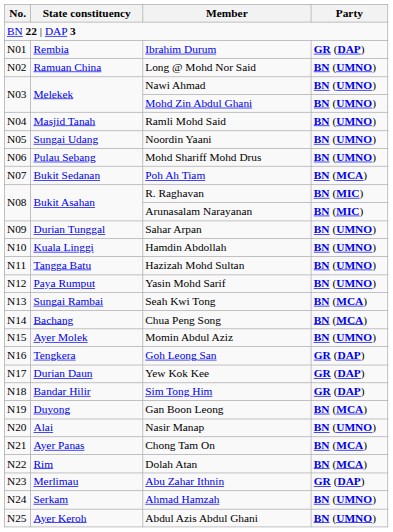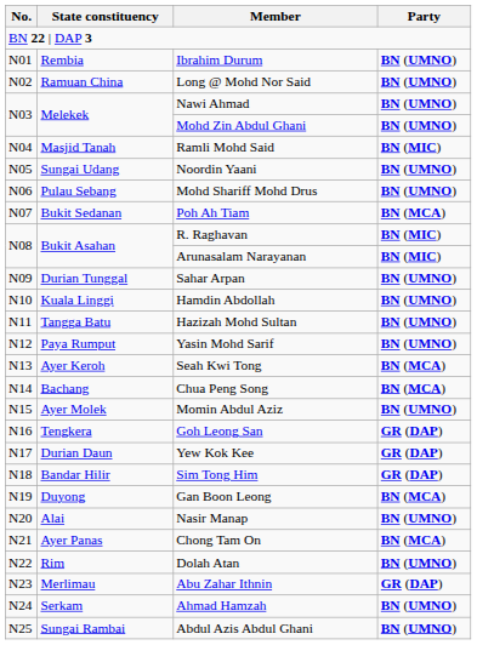 <table class="wikitable sortable">
 <tr>
 <th style="width:30px;">No.</th>
 <th style="width:150px;">State constituency</th>
 <th style="width:230px;">Member</th>
 <th style="width:100px;">Party</th>
 </tr>
 <tr>
 <td colspan="4"><a href='#'>BN</a> <strong>22</strong> | <a href='#'>DAP</a> <strong>3</strong></td>
 </tr>
 <tr>
 <td>N01</td>
 <td><a href='#'>Rembia</a></td>
 <td><a href='#'>Ibrahim Durum</a></td>
-<td><strong><a href='#'>GR</a></strong> (<strong><a href='#'>DAP</a></strong>)</td>
+<td><strong><a href='#'>BN</a></strong> (<strong><a href='#'>UMNO</a></strong>)</td>
 </tr>
 <tr>
 <td>N02</td>
 <td><a href='#'>Ramuan China</a></td>
 <td>Long @ Mohd Nor Said</td>
 <td><strong><a href='#'>BN</a></strong> (<strong><a href='#'>UMNO</a></strong>)</td>
 </tr>
 <tr>
 <td rowspan=2>N03</td>
 <td rowspan=2><a href='#'>Melekek</a></td>
 <td>Nawi Ahmad </td>
 <td><strong><a href='#'>BN</a></strong> (<strong><a href='#'>UMNO</a></strong>)</td>
 </tr>
 <tr>
 <td><a href='#'>Mohd Zin Abdul Ghani</a> </td>
 <td><strong><a href='#'>BN</a></strong> (<strong><a href='#'>UMNO</a></strong>)</td>
 </tr>
 <tr>
 <td>N04</td>
 <td><a href='#'>Masjid Tanah</a></td>
 <td>Ramli Mohd Said</td>
-<td><strong><a href='#'>BN</a></strong> (<strong><a href='#'>UMNO</a></strong>)</td>
+<td><strong><a href='#'>BN</a></strong> (<strong><a href='#'>MIC</a></strong>)</td>
 </tr>
 <tr>
 <td>N05</td>
 <td><a href='#'>Sungai Udang</a></td>
 <td>Noordin Yaani</td>
 <td><strong><a href='#'>BN</a></strong> (<strong><a href='#'>UMNO</a></strong>)</td>
 </tr>
 <tr>
 <td>N06</td>
 <td><a href='#'>Pulau Sebang</a></td>
 <td>Mohd Shariff Mohd Drus</td>
 <td><strong><a href='#'>BN</a></strong> (<strong><a href='#'>UMNO</a></strong>)</td>
 </tr>
 <tr>
 <td>N07</td>
 <td><a href='#'>Bukit Sedanan</a></td>
 <td><a href='#'>Poh Ah Tiam</a></td>
 <td><strong><a href='#'>BN</a></strong> (<strong><a href='#'>MCA</a></strong>)</td>
 </tr>
 <tr>
 <td rowspan=2>N08</td>
 <td rowspan=2><a href='#'>Bukit Asahan</a></td>
 <td>R. Raghavan </td>
 <td><strong><a href='#'>BN</a></strong> (<strong><a href='#'>MIC</a></strong>)</td>
 </tr>
 <tr>
 <td>Arunasalam Narayanan </td>
 <td><strong><a href='#'>BN</a></strong> (<strong><a href='#'>MIC</a></strong>)</td>
 </tr>
 <tr>
 <td>N09</td>
 <td><a href='#'>Durian Tunggal</a></td>
 <td>Sahar Arpan</td>
 <td><strong><a href='#'>BN</a></strong> (<strong><a href='#'>UMNO</a></strong>)</td>
 </tr>
 <tr>
 <td>N10</td>
 <td><a href='#'>Kuala Linggi</a></td>
 <td>Hamdin Abdollah</td>
 <td><strong><a href='#'>BN</a></strong> (<strong><a href='#'>UMNO</a></strong>)</td>
 </tr>
 <tr>
 <td>N11</td>
 <td><a href='#'>Tangga Batu</a></td>
 <td>Hazizah Mohd Sultan</td>
 <td><strong><a href='#'>BN</a></strong> (<strong><a href='#'>UMNO</a></strong>)</td>
 </tr>
 <tr>
 <td>N12</td>
 <td><a href='#'>Paya Rumput</a></td>
 <td>Yasin Mohd Sarif</td>
 <td><strong><a href='#'>BN</a></strong> (<strong><a href='#'>UMNO</a></strong>)</td>
 </tr>
 <tr>
 <td>N13</td>
-<td><a href='#'>Sungai Rambai</a></td>
+<td><a href='#'>Ayer Keroh</a></td>
 <td>Seah Kwi Tong</td>
 <td><strong><a href='#'>BN</a></strong> (<strong><a href='#'>MCA</a></strong>)</td>
 </tr>
 <tr>
 <td>N14</td>
 <td><a href='#'>Bachang</a></td>
 <td>Chua Peng Song</td>
 <td><strong><a href='#'>BN</a></strong> (<strong><a href='#'>MCA</a></strong>)</td>
 </tr>
 <tr>
 <td>N15</td>
 <td><a href='#'>Ayer Molek</a></td>
 <td>Momin Abdul Aziz</td>
 <td><strong><a href='#'>BN</a></strong> (<strong><a href='#'>UMNO</a></strong>)</td>
 </tr>
 <tr>
 <td>N16</td>
 <td><a href='#'>Tengkera</a></td>
 <td><a href='#'>Goh Leong San</a></td>
 <td><strong><a href='#'>GR</a></strong> (<strong><a href='#'>DAP</a></strong>)</td>
 </tr>
 <tr>
 <td>N17</td>
 <td><a href='#'>Durian Daun</a></td>
 <td>Yew Kok Kee</td>
 <td><strong><a href='#'>GR</a></strong> (<strong><a href='#'>DAP</a></strong>)</td>
 </tr>
 <tr>
 <td>N18</td>
 <td><a href='#'>Bandar Hilir</a></td>
 <td><a href='#'>Sim Tong Him</a></td>
 <td><strong><a href='#'>GR</a></strong> (<strong><a href='#'>DAP</a></strong>)</td>
 </tr>
 <tr>
 <td>N19</td>
 <td><a href='#'>Duyong</a></td>
 <td>Gan Boon Leong</td>
 <td><strong><a href='#'>BN</a></strong> (<strong><a href='#'>MCA</a></strong>)</td>
 </tr>
 <tr>
 <td>N20</td>
 <td><a href='#'>Alai</a></td>
 <td>Nasir Manap</td>
 <td><strong><a href='#'>BN</a></strong> (<strong><a href='#'>UMNO</a></strong>)</td>
 </tr>
 <tr>
 <td>N21</td>
 <td><a href='#'>Ayer Panas</a></td>
 <td>Chong Tam On</td>
 <td><strong><a href='#'>BN</a></strong> (<strong><a href='#'>MCA</a></strong>)</td>
 </tr>
 <tr>
 <td>N22</td>
 <td><a href='#'>Rim</a></td>
 <td>Dolah Atan</td>
-<td><strong><a href='#'>BN</a></strong> (<strong><a href='#'>MCA</a></strong>)</td>
+<td><strong><a href='#'>BN</a></strong> (<strong><a href='#'>UMNO</a></strong>)</td>
 </tr>
 <tr>
 <td>N23</td>
 <td><a href='#'>Merlimau</a></td>
 <td><a href='#'>Abu Zahar Ithnin</a></td>
 <td><strong><a href='#'>GR</a></strong> (<strong><a href='#'>DAP</a></strong>)</td>
 </tr>
 <tr>
 <td>N24</td>
 <td><a href='#'>Serkam</a></td>
 <td><a href='#'>Ahmad Hamzah</a></td>
 <td><strong><a href='#'>BN</a></strong> (<strong><a href='#'>UMNO</a></strong>)</td>
 </tr>
 <tr>
 <td>N25</td>
-<td><a href='#'>Ayer Keroh</a></td>
+<td><a href='#'>Sungai Rambai</a></td>
 <td>Abdul Azis Abdul Ghani</td>
 <td><strong><a href='#'>BN</a></strong> (<strong><a href='#'>UMNO</a></strong>)</td>
 </tr>
 </table>
